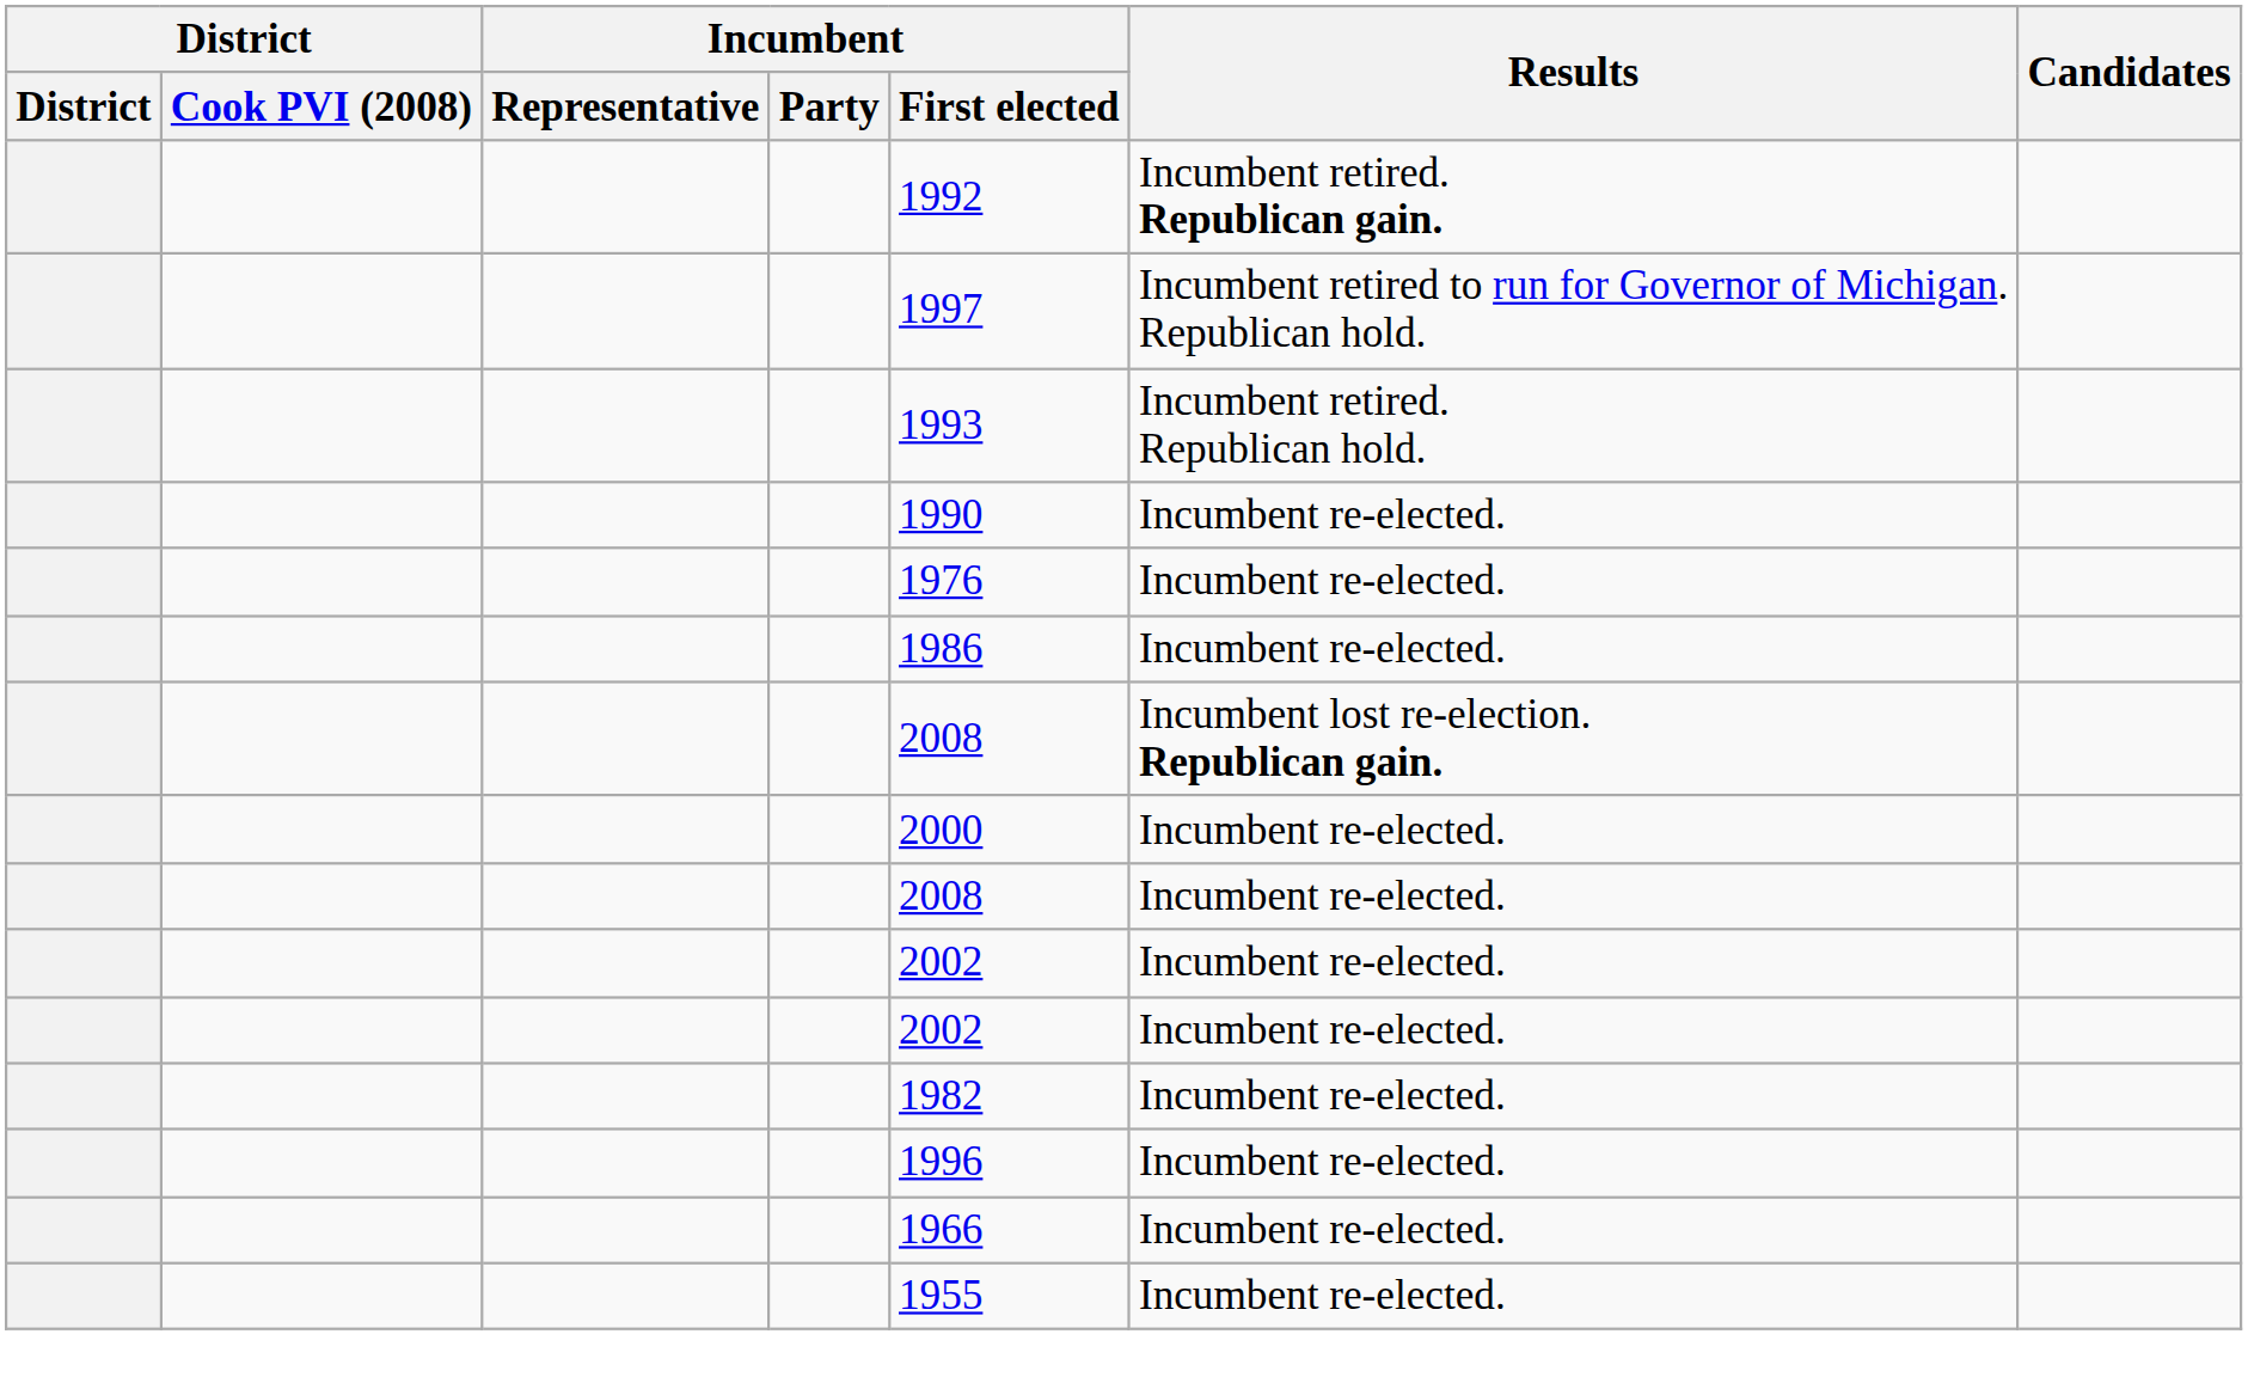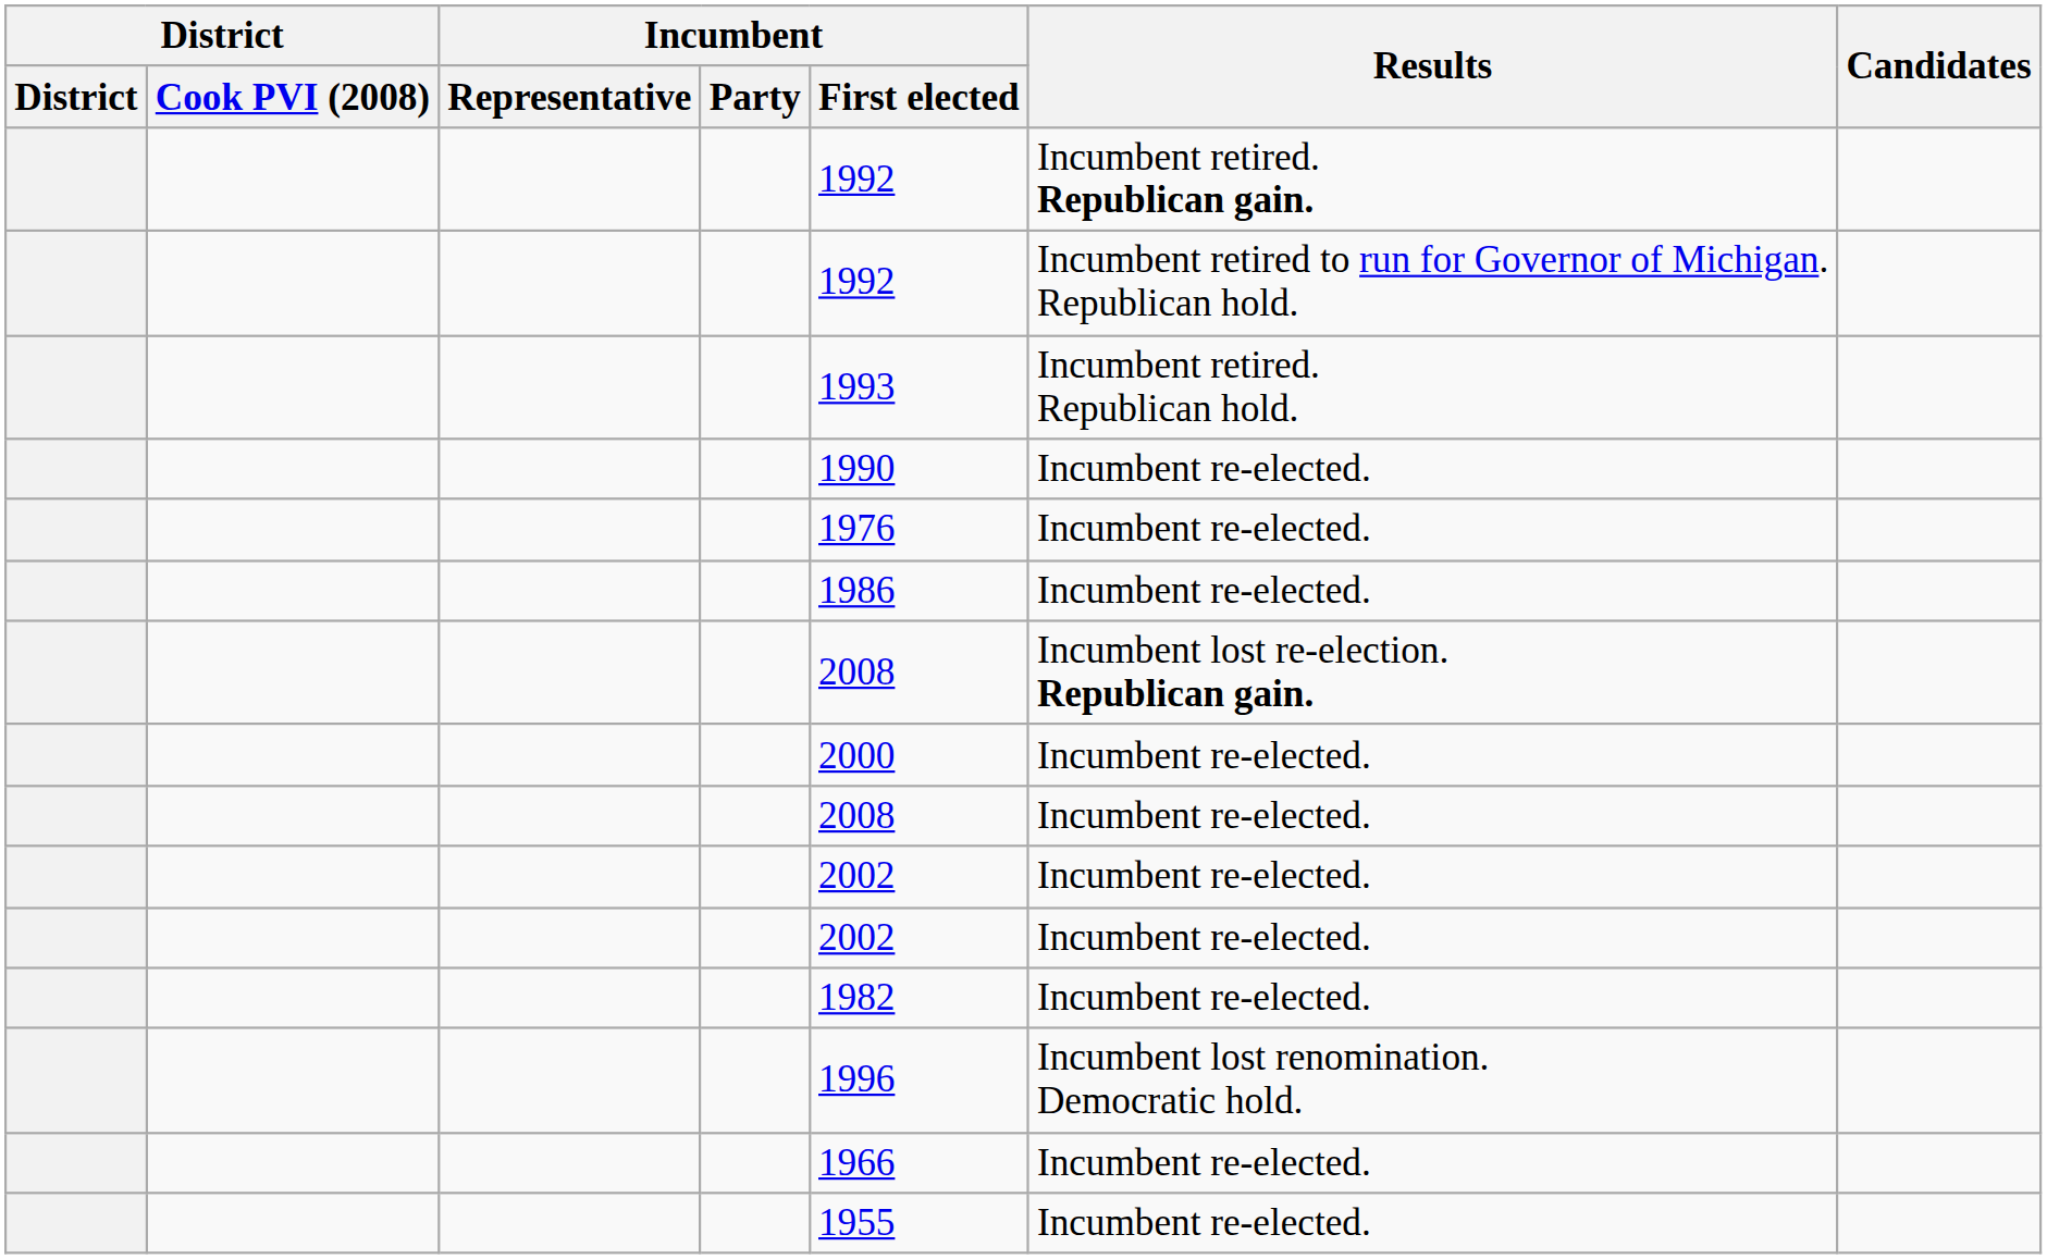 <table class="wikitable sortable">
 <tr>
 <th colspan=2>District</th>
 <th colspan=3>Incumbent</th>
 <th rowspan=2>Results</th>
 <th rowspan=2>Candidates</th>
 </tr>
 <tr valign=bottom>
 <th>District</th>
 <th><a href='#'>Cook PVI</a> (2008)</th>
 <th>Representative</th>
 <th>Party</th>
 <th>First elected</th>
 </tr>
 <tr>
 <th></th>
 <td></td>
 <td></td>
 <td></td>
 <td><a href='#'>1992</a></td>
 <td>Incumbent retired.<br><strong>Republican gain.</strong></td>
 <td nowrap></td>
 </tr>
 <tr>
 <th></th>
 <td></td>
 <td></td>
 <td></td>
-<td><a href='#'>1997</a></td>
+<td><a href='#'>1992</a></td>
 <td>Incumbent retired to <a href='#'>run for Governor of Michigan</a>.<br>Republican hold.</td>
 <td nowrap></td>
 </tr>
 <tr>
 <th></th>
 <td></td>
 <td></td>
 <td></td>
 <td><a href='#'>1993 </a></td>
 <td>Incumbent retired.<br>Republican hold.</td>
 <td nowrap><br></td>
 </tr>
 <tr>
 <th></th>
 <td></td>
 <td></td>
 <td></td>
 <td><a href='#'>1990</a></td>
 <td>Incumbent re-elected.</td>
 <td nowrap></td>
 </tr>
 <tr>
 <th></th>
 <td></td>
 <td></td>
 <td></td>
 <td><a href='#'>1976</a></td>
 <td>Incumbent re-elected.</td>
 <td nowrap></td>
 </tr>
 <tr>
 <th></th>
 <td></td>
 <td></td>
 <td></td>
 <td><a href='#'>1986</a></td>
 <td>Incumbent re-elected.</td>
 <td nowrap></td>
 </tr>
 <tr>
 <th></th>
 <td></td>
 <td></td>
 <td></td>
 <td><a href='#'>2008</a></td>
 <td>Incumbent lost re-election.<br><strong>Republican gain.</strong></td>
 <td nowrap></td>
 </tr>
 <tr>
 <th></th>
 <td></td>
 <td></td>
 <td></td>
 <td><a href='#'>2000</a></td>
 <td>Incumbent re-elected.</td>
 <td nowrap></td>
 </tr>
 <tr>
 <th></th>
 <td></td>
 <td></td>
 <td></td>
 <td><a href='#'>2008</a></td>
 <td>Incumbent re-elected.</td>
 <td nowrap><br></td>
 </tr>
 <tr>
 <th></th>
 <td></td>
 <td></td>
 <td></td>
 <td><a href='#'>2002</a></td>
 <td>Incumbent re-elected.</td>
 <td nowrap></td>
 </tr>
 <tr>
 <th></th>
 <td></td>
 <td></td>
 <td></td>
 <td><a href='#'>2002</a></td>
 <td>Incumbent re-elected.</td>
 <td nowrap></td>
 </tr>
 <tr>
 <th></th>
 <td></td>
 <td></td>
 <td></td>
 <td><a href='#'>1982</a></td>
 <td>Incumbent re-elected.</td>
 <td nowrap></td>
 </tr>
 <tr>
 <th></th>
 <td></td>
 <td></td>
 <td></td>
 <td><a href='#'>1996</a></td>
-<td>Incumbent re-elected.</td>
+<td>Incumbent lost renomination.<br>Democratic hold.</td>
 <td nowrap><br></td>
 </tr>
 <tr>
 <th></th>
 <td></td>
 <td></td>
 <td></td>
 <td><a href='#'>1966</a></td>
 <td>Incumbent re-elected.</td>
 <td nowrap></td>
 </tr>
 <tr>
 <th></th>
 <td></td>
 <td></td>
 <td></td>
 <td><a href='#'>1955 </a></td>
 <td>Incumbent re-elected.</td>
 <td nowrap><br></td>
 </tr>
 </table>
